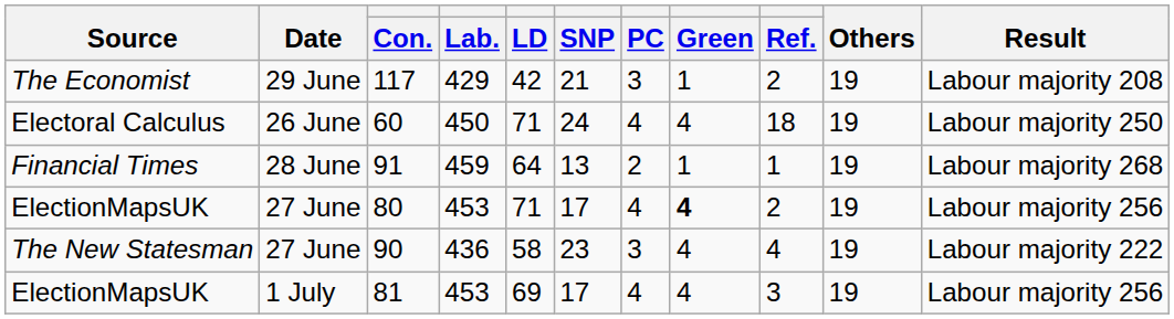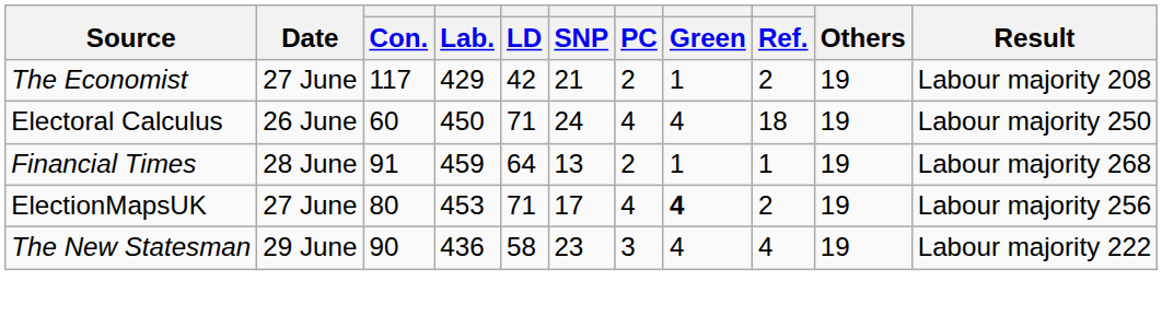 <table class="wikitable sortable mw-collapsible">
 <tr style="vertical-align:bottom;">
 <th rowspan=2>Source</th>
 <th rowspan=2>Date</th>
 <th style="background:"></th>
 <th style="background:"></th>
 <th style="background:"></th>
 <th style="background:"></th>
 <th style="background:"></th>
 <th style="background:"></th>
 <th style="background:"></th>
 <th rowspan=2>Others</th>
 <th rowspan=2>Result</th>
 </tr>
 <tr style="vertical-align:bottom;">
 <th><a href='#'>Con.</a></th>
 <th><a href='#'>Lab.</a></th>
 <th><a href='#'>LD</a></th>
 <th><a href='#'>SNP</a></th>
 <th><a href='#'>PC</a></th>
 <th><a href='#'>Green</a></th>
 <th><a href='#'>Ref.</a></th>
 </tr>
 <tr>
 <td><em>The Economist</em></td>
-<td>29 June</td>
+<td>27 June</td>
 <td>117</td>
 <td>429</td>
 <td>42</td>
 <td>21</td>
-<td>3</td>
+<td>2</td>
 <td>1</td>
 <td>2</td>
 <td>19</td>
 <td>Labour majority 208</td>
 </tr>
 <tr>
 <td>Electoral Calculus</td>
 <td>26 June</td>
 <td>60</td>
 <td>450</td>
 <td>71</td>
 <td>24</td>
 <td>4</td>
 <td>4</td>
 <td>18</td>
 <td>19</td>
 <td>Labour majority 250</td>
 </tr>
 <tr>
 <td><em>Financial Times</em></td>
 <td>28 June</td>
 <td>91</td>
 <td>459</td>
 <td>64</td>
 <td>13</td>
 <td>2</td>
 <td>1</td>
 <td>1</td>
 <td>19</td>
 <td>Labour majority 268</td>
 </tr>
 <tr>
 <td>ElectionMapsUK</td>
 <td>27 June</td>
 <td>80</td>
 <td>453</td>
 <td>71</td>
 <td>17</td>
 <td>4</td>
 <td><strong>4</strong></td>
 <td>2</td>
 <td>19</td>
 <td>Labour majority 256</td>
 </tr>
 <tr>
 <td><em>The New Statesman</em></td>
-<td>27 June</td>
+<td>29 June</td>
 <td>90</td>
 <td>436</td>
 <td>58</td>
 <td>23</td>
 <td>3</td>
 <td>4</td>
 <td>4</td>
 <td>19</td>
 <td>Labour majority 222</td>
 </tr>
-<tr>
-<td>ElectionMapsUK</td>
-<td>1 July</td>
-<td>81</td>
-<td>453</td>
-<td>69</td>
-<td>17</td>
-<td>4</td>
-<td>4</td>
-<td>3</td>
-<td>19</td>
-<td>Labour majority 256</td>
-</tr>
 </table>
